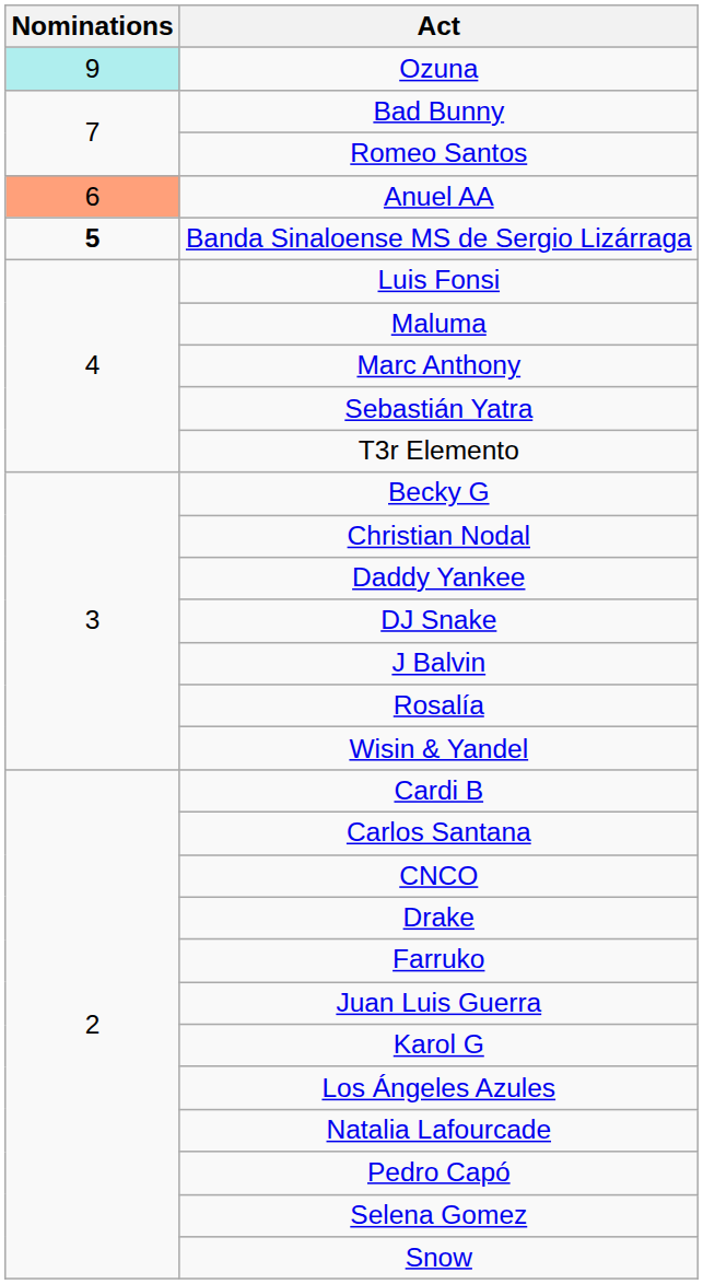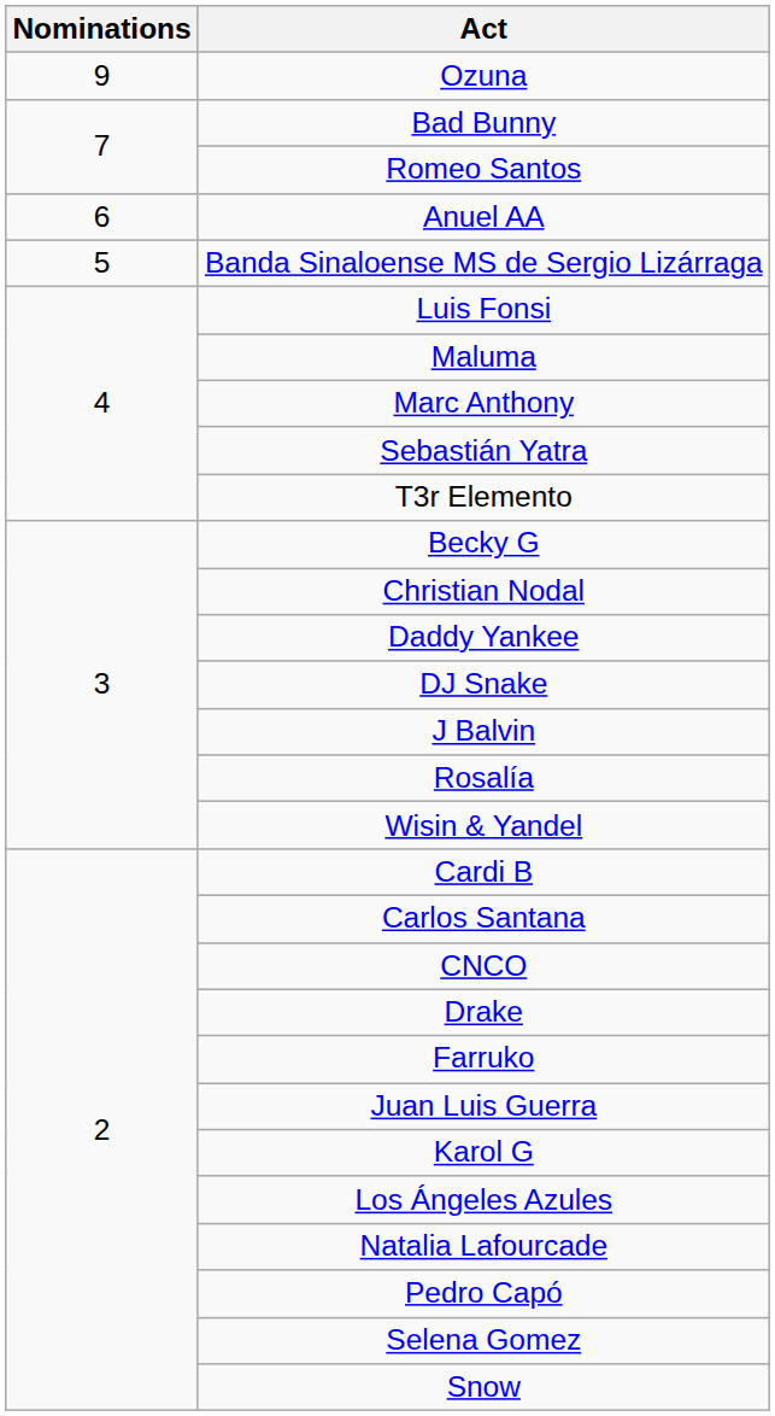 <table class="wikitable" rowspan="2" style="text-align:center;">
 <tr>
 <th scope="col">Nominations</th>
 <th scope="col">Act</th>
 </tr>
 <tr>
-<td style="background: paleturquoise;">9</td>
+<td>9</td>
 <td><a href='#'>Ozuna</a></td>
 </tr>
 <tr>
 <td rowspan="2">7</td>
 <td><a href='#'>Bad Bunny</a></td>
 </tr>
 <tr>
 <td><a href='#'>Romeo Santos</a></td>
 </tr>
 <tr>
-<td style="background: lightsalmon;">6</td>
+<td>6</td>
 <td><a href='#'>Anuel AA</a></td>
 </tr>
 <tr>
-<td><strong>5</strong></td>
+<td>5</td>
 <td><a href='#'>Banda Sinaloense MS de Sergio Lizárraga</a></td>
 </tr>
 <tr>
 <td rowspan="5">4</td>
 <td><a href='#'>Luis Fonsi</a></td>
 </tr>
 <tr>
 <td><a href='#'>Maluma</a></td>
 </tr>
 <tr>
 <td><a href='#'>Marc Anthony</a></td>
 </tr>
 <tr>
 <td><a href='#'>Sebastián Yatra</a></td>
 </tr>
 <tr>
 <td>T3r Elemento</td>
 </tr>
 <tr>
 <td rowspan="7">3</td>
 <td><a href='#'>Becky G</a></td>
 </tr>
 <tr>
 <td><a href='#'>Christian Nodal</a></td>
 </tr>
 <tr>
 <td><a href='#'>Daddy Yankee</a></td>
 </tr>
 <tr>
 <td><a href='#'>DJ Snake</a></td>
 </tr>
 <tr>
 <td><a href='#'>J Balvin</a></td>
 </tr>
 <tr>
 <td><a href='#'>Rosalía</a></td>
 </tr>
 <tr>
 <td><a href='#'>Wisin & Yandel</a></td>
 </tr>
 <tr>
 <td rowspan="12">2</td>
 <td><a href='#'>Cardi B</a></td>
 </tr>
 <tr>
 <td><a href='#'>Carlos Santana</a></td>
 </tr>
 <tr>
 <td><a href='#'>CNCO</a></td>
 </tr>
 <tr>
 <td><a href='#'>Drake</a></td>
 </tr>
 <tr>
 <td><a href='#'>Farruko</a></td>
 </tr>
 <tr>
 <td><a href='#'>Juan Luis Guerra</a></td>
 </tr>
 <tr>
 <td><a href='#'>Karol G</a></td>
 </tr>
 <tr>
 <td><a href='#'>Los Ángeles Azules</a></td>
 </tr>
 <tr>
 <td><a href='#'>Natalia Lafourcade</a></td>
 </tr>
 <tr>
 <td><a href='#'>Pedro Capó</a></td>
 </tr>
 <tr>
 <td><a href='#'>Selena Gomez</a></td>
 </tr>
 <tr>
 <td><a href='#'>Snow</a></td>
 </tr>
 </table>
